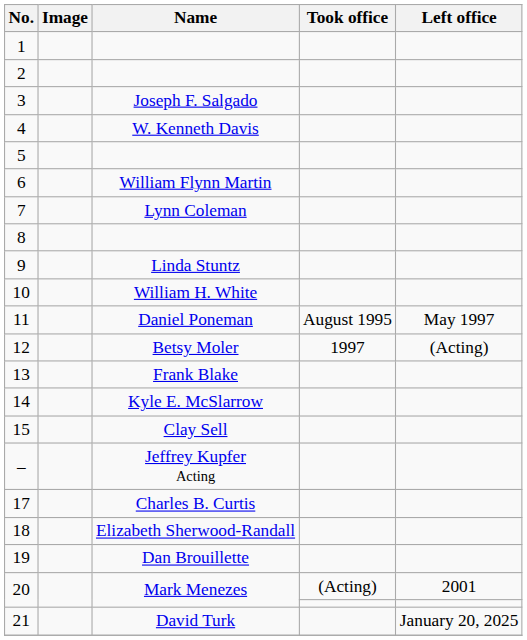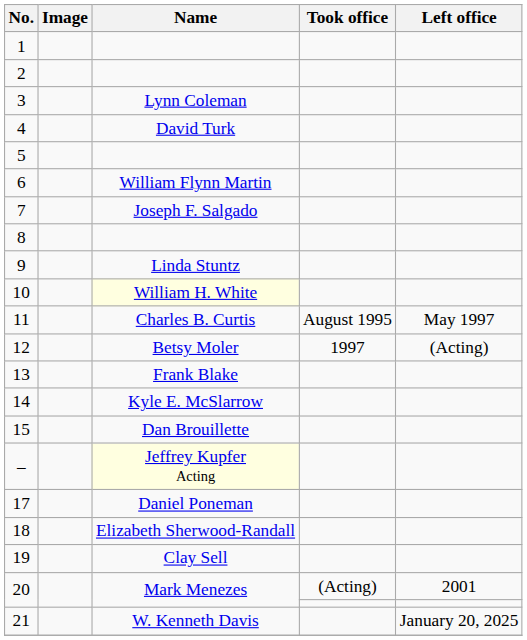 <table class="wikitable" style="text-align:center">
 <tr>
 <th>No.</th>
 <th>Image</th>
 <th>Name</th>
 <th>Took office</th>
 <th>Left office</th>
 </tr>
 <tr>
 <td>1</td>
 <td></td>
 <td></td>
 <td></td>
 <td></td>
 </tr>
 <tr>
 <td>2</td>
 <td></td>
 <td></td>
 <td></td>
 <td></td>
 </tr>
 <tr>
 <td>3</td>
 <td></td>
-<td><a href='#'>Joseph F. Salgado</a></td>
+<td><a href='#'>Lynn Coleman</a></td>
 <td></td>
 <td></td>
 </tr>
 <tr>
 <td>4</td>
 <td></td>
-<td><a href='#'>W. Kenneth Davis</a></td>
+<td><a href='#'>David Turk</a></td>
 <td></td>
 <td></td>
 </tr>
 <tr>
 <td>5</td>
 <td></td>
 <td></td>
 <td></td>
 <td></td>
 </tr>
 <tr>
 <td>6</td>
 <td></td>
 <td><a href='#'>William Flynn Martin</a></td>
 <td></td>
 <td></td>
 </tr>
 <tr>
 <td>7</td>
 <td></td>
-<td><a href='#'>Lynn Coleman</a></td>
+<td><a href='#'>Joseph F. Salgado</a></td>
 <td></td>
 <td></td>
 </tr>
 <tr>
 <td>8</td>
 <td></td>
 <td></td>
 <td></td>
 <td></td>
 </tr>
 <tr>
 <td>9</td>
 <td></td>
 <td><a href='#'>Linda Stuntz</a></td>
 <td></td>
 <td></td>
 </tr>
 <tr>
 <td>10</td>
 <td></td>
-<td><a href='#'>William H. White</a></td>
+<td style="background: lightyellow;"><a href='#'>William H. White</a></td>
 <td></td>
 <td></td>
 </tr>
 <tr>
 <td>11</td>
 <td></td>
-<td><a href='#'>Daniel Poneman</a></td>
+<td><a href='#'>Charles B. Curtis</a></td>
 <td>August 1995</td>
 <td>May 1997</td>
 </tr>
 <tr>
 <td>12</td>
 <td></td>
 <td><a href='#'>Betsy Moler</a></td>
 <td>1997</td>
 <td> (Acting)</td>
 </tr>
 <tr>
 <td>13</td>
 <td></td>
 <td><a href='#'>Frank Blake</a></td>
 <td></td>
 <td></td>
 </tr>
 <tr>
 <td>14</td>
 <td></td>
 <td><a href='#'>Kyle E. McSlarrow</a></td>
 <td></td>
 <td></td>
 </tr>
 <tr>
 <td>15</td>
 <td></td>
-<td><a href='#'>Clay Sell</a></td>
+<td><a href='#'>Dan Brouillette</a></td>
 <td></td>
 <td></td>
 </tr>
 <tr>
 <td>–</td>
 <td></td>
-<td><a href='#'>Jeffrey Kupfer</a><br><small>Acting</small></td>
+<td style="background: lightyellow;"><a href='#'>Jeffrey Kupfer</a><br><small>Acting</small></td>
 <td></td>
 <td></td>
 </tr>
 <tr>
 <td>17</td>
 <td></td>
-<td><a href='#'>Charles B. Curtis</a></td>
+<td><a href='#'>Daniel Poneman</a></td>
 <td></td>
 <td></td>
 </tr>
 <tr>
 <td>18</td>
 <td></td>
 <td><a href='#'>Elizabeth Sherwood-Randall</a></td>
 <td></td>
 <td></td>
 </tr>
 <tr>
 <td>19</td>
 <td></td>
-<td><a href='#'>Dan Brouillette</a></td>
+<td><a href='#'>Clay Sell</a></td>
 <td></td>
 <td></td>
 </tr>
 <tr>
 <td rowspan=2>20</td>
 <td rowspan=2></td>
 <td rowspan=2><a href='#'>Mark Menezes</a></td>
 <td> (Acting)</td>
 <td>2001</td>
 </tr>
 <tr>
 <td></td>
 <td></td>
 </tr>
 <tr>
 <td>21</td>
 <td></td>
-<td><a href='#'>David Turk</a></td>
+<td><a href='#'>W. Kenneth Davis</a></td>
 <td></td>
 <td>January 20, 2025</td>
 </tr>
 <tr>
 </tr>
 </table>
